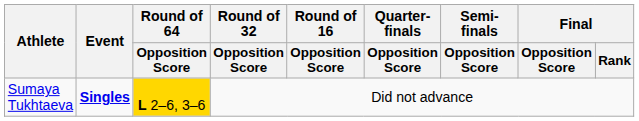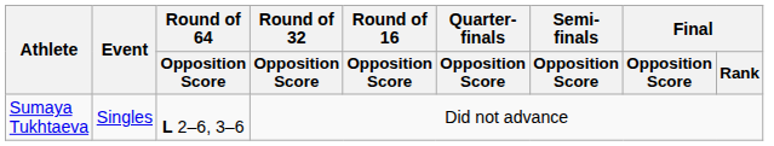 <table class=wikitable style="font-size:90%; text-align:center;">
 <tr>
 <th rowspan="2">Athlete</th>
 <th rowspan="2">Event</th>
 <th>Round of 64</th>
 <th>Round of 32</th>
 <th>Round of 16</th>
 <th>Quarter-finals</th>
 <th>Semi-finals</th>
 <th colspan=2>Final</th>
 </tr>
 <tr style="font-size:95%">
 <th>Opposition<br>Score</th>
 <th>Opposition<br>Score</th>
 <th>Opposition<br>Score</th>
 <th>Opposition<br>Score</th>
 <th>Opposition<br>Score</th>
 <th>Opposition<br>Score</th>
 <th>Rank</th>
 </tr>
 <tr>
 <td align=left><a href='#'>Sumaya Tukhtaeva</a></td>
-<td align=left><strong><a href='#'>Singles</a></strong></td>
-<td style="background: gold;"><br><strong>L</strong> 2–6, 3–6</td>
+<td align=left><a href='#'>Singles</a></td>
+<td><br><strong>L</strong> 2–6, 3–6</td>
 <td colspan=6>Did not advance</td>
 </tr>
 </table>
